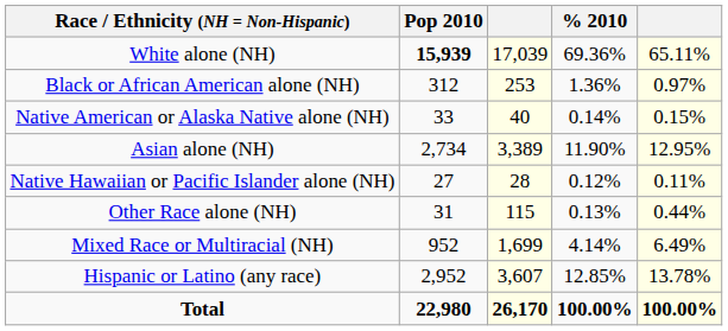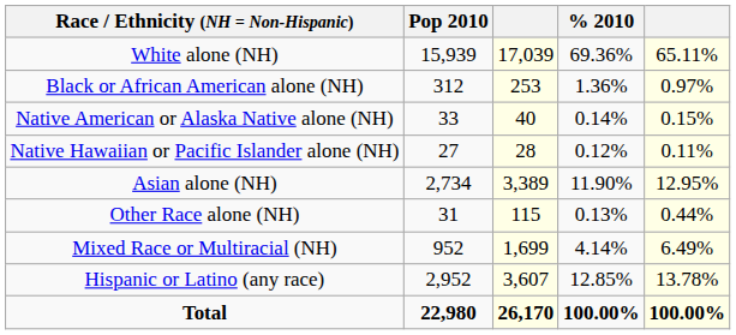 <table class="wikitable" style="text-align:center;">
 <tr>
 <th>Race / Ethnicity <small>(<em>NH = Non-Hispanic</em>)</small></th>
 <th>Pop 2010</th>
 <th></th>
 <th>% 2010</th>
 <th></th>
 </tr>
 <tr>
 <td><a href='#'>White</a> alone (NH)</td>
-<td><strong>15,939</strong></td>
+<td>15,939</td>
 <td style='background: #ffffe6;'>17,039</td>
 <td>69.36%</td>
 <td style='background: #ffffe6;'>65.11%</td>
 </tr>
 <tr>
 <td><a href='#'>Black or African American</a> alone (NH)</td>
 <td>312</td>
 <td style='background: #ffffe6;'>253</td>
 <td>1.36%</td>
 <td style='background: #ffffe6;'>0.97%</td>
 </tr>
 <tr>
 <td><a href='#'>Native American</a> or <a href='#'>Alaska Native</a> alone (NH)</td>
 <td>33</td>
 <td style='background: #ffffe6;'>40</td>
 <td>0.14%</td>
 <td style='background: #ffffe6;'>0.15%</td>
 </tr>
 <tr>
+<td><a href='#'>Native Hawaiian</a> or <a href='#'>Pacific Islander</a> alone (NH)</td>
+<td>27</td>
+<td style='background: #ffffe6;'>28</td>
+<td>0.12%</td>
+<td style='background: #ffffe6;'>0.11%</td>
+</tr>
+<tr>
 <td><a href='#'>Asian</a> alone (NH)</td>
 <td>2,734</td>
 <td style='background: #ffffe6;'>3,389</td>
 <td>11.90%</td>
 <td style='background: #ffffe6;'>12.95%</td>
-</tr>
-<tr>
-<td><a href='#'>Native Hawaiian</a> or <a href='#'>Pacific Islander</a> alone (NH)</td>
-<td>27</td>
-<td style='background: #ffffe6;'>28</td>
-<td>0.12%</td>
-<td style='background: #ffffe6;'>0.11%</td>
 </tr>
 <tr>
 <td><a href='#'>Other Race</a> alone (NH)</td>
 <td>31</td>
 <td style='background: #ffffe6;'>115</td>
 <td>0.13%</td>
 <td style='background: #ffffe6;'>0.44%</td>
 </tr>
 <tr>
 <td><a href='#'>Mixed Race or Multiracial</a> (NH)</td>
 <td>952</td>
 <td style='background: #ffffe6;'>1,699</td>
 <td>4.14%</td>
 <td style='background: #ffffe6;'>6.49%</td>
 </tr>
 <tr>
 <td><a href='#'>Hispanic or Latino</a> (any race)</td>
 <td>2,952</td>
 <td style='background: #ffffe6;'>3,607</td>
 <td>12.85%</td>
 <td style='background: #ffffe6;'>13.78%</td>
 </tr>
 <tr>
 <td><strong>Total</strong></td>
 <td><strong>22,980</strong></td>
 <td style='background: #ffffe6;'><strong>26,170</strong></td>
 <td><strong>100.00%</strong></td>
 <td style='background: #ffffe6;'><strong>100.00%</strong></td>
 </tr>
 </table>
